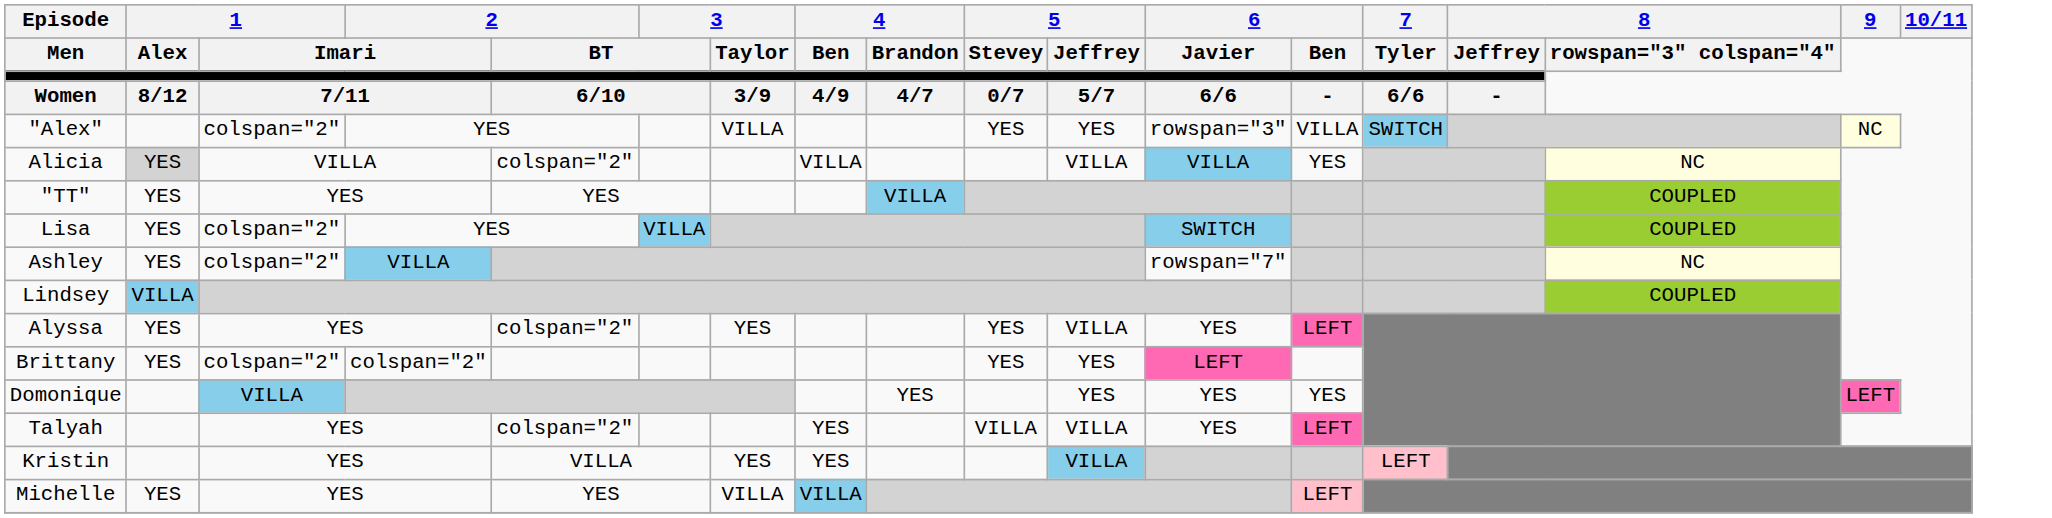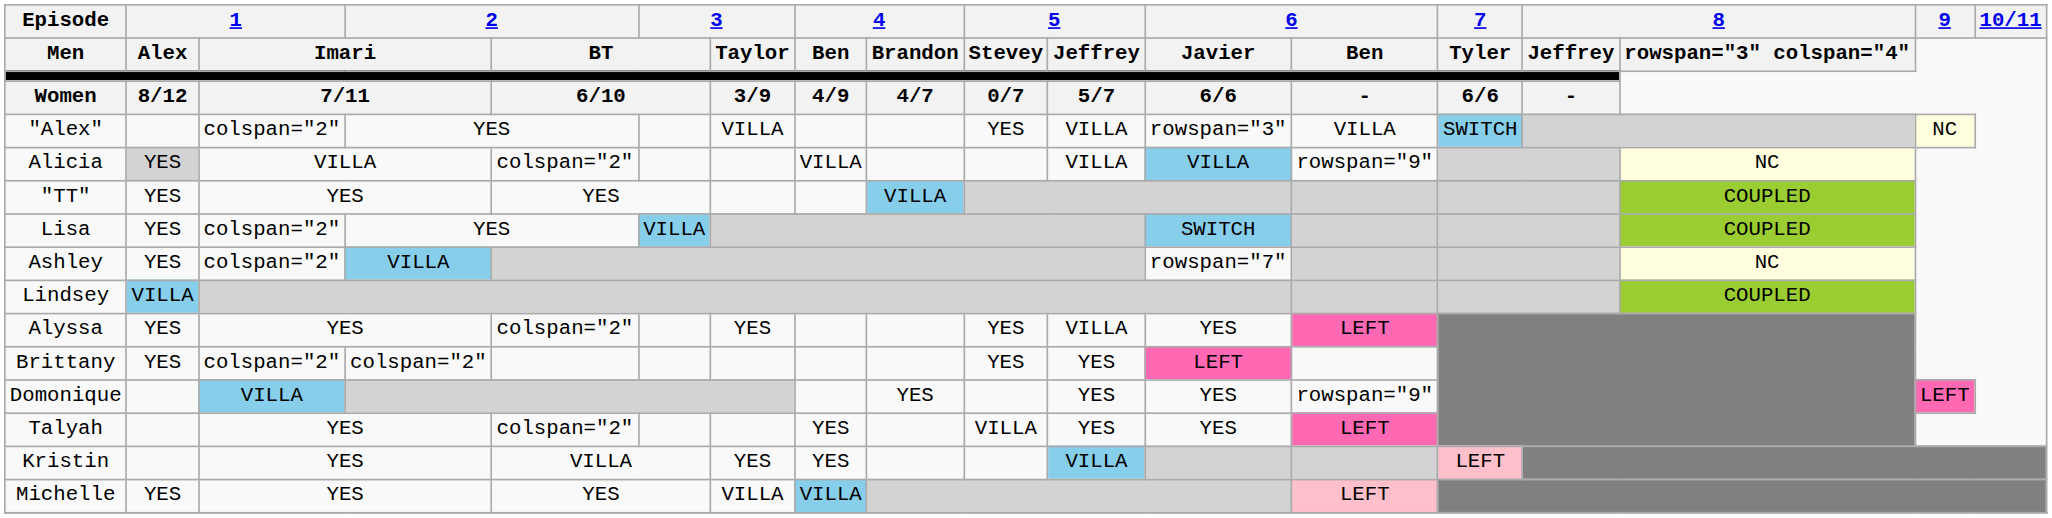 <table class="wikitable" border="2" style="text-align:center;font-size:96%">
 <tr>
 <th>Episode</th>
 <th colspan="2"><a href='#'>1</a></th>
 <th colspan="2"><a href='#'>2</a></th>
 <th colspan="2"><a href='#'>3</a></th>
 <th colspan="2"><a href='#'>4</a></th>
 <th colspan="2"><a href='#'>5</a></th>
 <th colspan="2"><a href='#'>6</a></th>
 <th><a href='#'>7</a></th>
 <th colspan="2"><a href='#'>8</a></th>
 <th><a href='#'>9</a></th>
 <th colspan="2"><a href='#'>10/11</a></th>
 </tr>
 <tr>
 <th>Men</th>
 <th>Alex</th>
 <th colspan="2">Imari</th>
 <th colspan="2">BT</th>
 <th>Taylor</th>
 <th>Ben</th>
 <th>Brandon</th>
 <th>Stevey</th>
 <th>Jeffrey</th>
 <th>Javier</th>
 <th>Ben</th>
 <th>Tyler</th>
 <th>Jeffrey</th>
 <th>rowspan="3" colspan="4" </th>
 </tr>
 <tr>
 <td style="background:black;" colspan="15"></td>
 </tr>
 <tr>
 <th>Women</th>
 <th>8/12</th>
 <th colspan="2">7/11</th>
 <th colspan="2">6/10</th>
 <th>3/9</th>
 <th>4/9</th>
 <th>4/7</th>
 <th>0/7</th>
 <th>5/7</th>
 <th>6/6</th>
 <th>-</th>
 <th>6/6</th>
 <th>-</th>
 </tr>
 <tr>
 <td>"Alex"</td>
 <td></td>
 <td>colspan="2" </td>
 <td colspan="2">YES</td>
 <td></td>
 <td>VILLA</td>
 <td></td>
 <td></td>
 <td>YES</td>
-<td>YES</td>
+<td>VILLA</td>
 <td>rowspan="3" </td>
 <td>VILLA</td>
 <td style="background:skyblue;">SWITCH</td>
 <td style="background:lightgray;" colspan="2"></td>
 <td style="background:lightyellow;">NC</td>
 </tr>
 <tr>
 <td>Alicia</td>
 <td style="background: lightgrey;">YES</td>
 <td colspan="2">VILLA</td>
 <td>colspan="2" </td>
 <td></td>
 <td></td>
 <td>VILLA</td>
 <td></td>
 <td></td>
 <td>VILLA</td>
 <td style="background:skyblue;">VILLA</td>
-<td>YES</td>
+<td>rowspan="9" </td>
 <td style="background:lightgray;" colspan="2"></td>
 <td style="background:lightyellow;">NC</td>
 </tr>
 <tr>
 <td>"TT"</td>
 <td>YES</td>
 <td colspan="2">YES</td>
 <td colspan="2">YES</td>
 <td></td>
 <td></td>
 <td style="background:skyblue;">VILLA</td>
 <td style="background:lightgray;" colspan="3"></td>
 <td style="background:lightgray;" colspan="1"></td>
 <td style="background:lightgray;" colspan="2"></td>
 <td style="background:yellowgreen;">COUPLED</td>
 </tr>
 <tr>
 <td>Lisa</td>
 <td>YES</td>
 <td>colspan="2" </td>
 <td colspan="2">YES</td>
 <td style="background:skyblue;">VILLA</td>
 <td style="background:lightgray;" colspan="5"></td>
 <td style="background:skyblue;">SWITCH</td>
 <td style="background:lightgray;" colspan="1"></td>
 <td style="background:lightgray;" colspan="2"></td>
 <td style="background:yellowgreen;">COUPLED</td>
 </tr>
 <tr>
 <td>Ashley</td>
 <td>YES</td>
 <td>colspan="2" </td>
 <td style="background:skyblue;">VILLA</td>
 <td style="background:lightgray;" colspan="7"></td>
 <td>rowspan="7" </td>
 <td style="background:lightgray;" colspan="1"></td>
 <td style="background:lightgray;" colspan="2"></td>
 <td style="background:lightyellow;">NC</td>
 </tr>
 <tr>
 <td>Lindsey</td>
 <td style="background:skyblue;">VILLA</td>
 <td style="background:lightgray;" colspan="10"></td>
 <td style="background:lightgray;" colspan="1"></td>
 <td style="background:lightgray;" colspan="2"></td>
 <td style="background:yellowgreen;">COUPLED</td>
 </tr>
 <tr>
 <td>Alyssa</td>
 <td>YES</td>
 <td colspan="2">YES</td>
 <td>colspan="2" </td>
 <td></td>
 <td>YES</td>
 <td></td>
 <td></td>
 <td>YES</td>
 <td>VILLA</td>
 <td>YES</td>
 <td style="background:hotpink;">LEFT</td>
 <td style="background:gray;" rowspan="4" colspan="3"></td>
 </tr>
 <tr>
 <td>Brittany</td>
 <td>YES</td>
 <td>colspan="2" </td>
 <td>colspan="2" </td>
 <td></td>
 <td></td>
 <td></td>
 <td></td>
 <td></td>
 <td>YES</td>
 <td>YES</td>
 <td style="background:hotpink;">LEFT</td>
 </tr>
 <tr>
 <td>Domonique</td>
 <td></td>
 <td style="background:skyblue;">VILLA</td>
 <td style="background:lightgray;" colspan="4"></td>
 <td></td>
 <td>YES</td>
 <td></td>
 <td>YES</td>
 <td>YES</td>
-<td>YES</td>
+<td>rowspan="9" </td>
 <td style="background:hotpink;">LEFT</td>
 </tr>
 <tr>
 <td>Talyah</td>
 <td></td>
 <td colspan="2">YES</td>
 <td>colspan="2" </td>
 <td></td>
 <td></td>
 <td>YES</td>
 <td></td>
 <td>VILLA</td>
-<td>VILLA</td>
+<td>YES</td>
 <td>YES</td>
 <td style="background:hotpink;">LEFT</td>
 </tr>
 <tr>
 <td>Kristin</td>
 <td></td>
 <td colspan="2">YES</td>
 <td colspan="2">VILLA</td>
 <td>YES</td>
 <td>YES</td>
 <td></td>
 <td></td>
 <td style="background:skyblue;">VILLA</td>
 <td style="background:lightgray;" colspan="1"></td>
 <td style="background:lightgray;" colspan="1"></td>
 <td style="background:pink;">LEFT</td>
 <td style="background:gray;" colspan="4"></td>
 </tr>
 <tr>
 <td>Michelle</td>
 <td>YES</td>
 <td colspan="2">YES</td>
 <td colspan="2">YES</td>
 <td>VILLA</td>
 <td style="background:skyblue;">VILLA</td>
 <td style="background:lightgray;" colspan="4"></td>
 <td style="background:pink;">LEFT</td>
 <td style="background:gray;" colspan="6"></td>
 </tr>
 <tr>
 </tr>
 </table>
